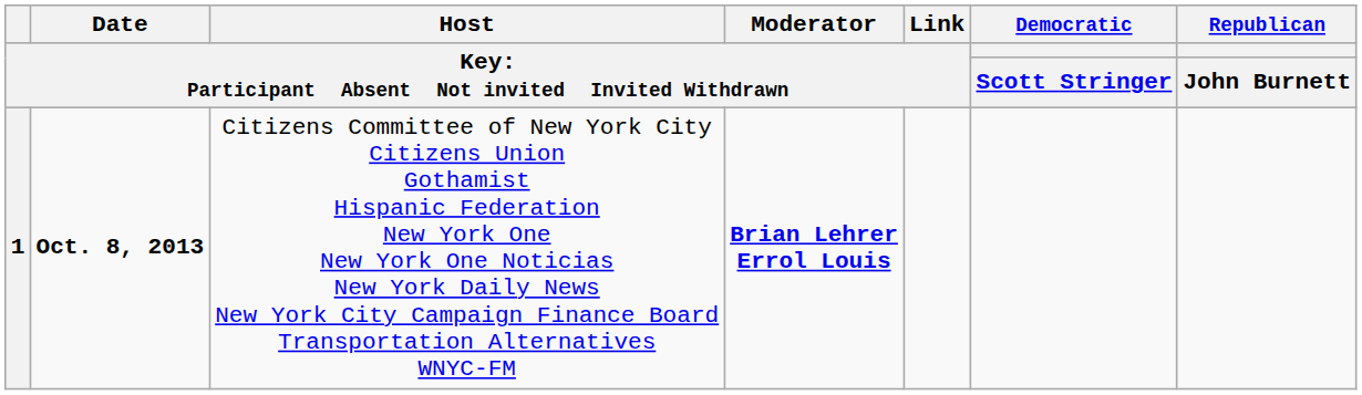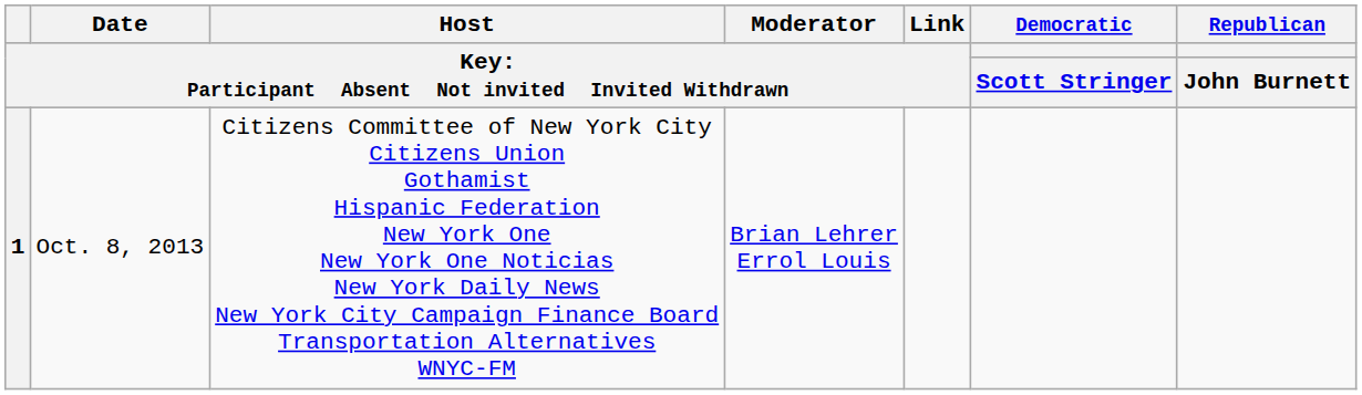 <table class="wikitable" style="text-align:center;">
 <tr>
 <th scope="col"></th>
 <th scope="col">Date</th>
 <th scope="col">Host</th>
 <th scope="col">Moderator</th>
 <th scope="col">Link</th>
 <th scope="col"><small><a href='#'>Democratic</a></small></th>
 <th scope="col"><small><a href='#'>Republican</a></small></th>
 </tr>
 <tr>
 <th colspan="5" rowspan="2">Key:<br> <small>Participant </small>  <small>Absent </small>  <small>Not invited </small>  <small>Invited  Withdrawn</small></th>
 <th scope="col" style="background:"></th>
 <th scope="col" style="background:"></th>
 </tr>
 <tr>
 <th scope="col"><a href='#'>Scott Stringer</a></th>
 <th scope="col">John Burnett</th>
 </tr>
 <tr>
 <th>1</th>
-<td style="white-space:nowrap;"><strong>Oct. 8, 2013</strong></td>
+<td style="white-space:nowrap;">Oct. 8, 2013</td>
 <td style="white-space:nowrap;">Citizens Committee of New York City<br><a href='#'>Citizens Union</a><br><a href='#'>Gothamist</a><br><a href='#'>Hispanic Federation</a><br><a href='#'>New York One</a><br><a href='#'>New York One Noticias</a><br><a href='#'>New York Daily News</a><br><a href='#'>New York City Campaign Finance Board</a><br><a href='#'>Transportation Alternatives</a><br><a href='#'>WNYC-FM</a></td>
-<td style="white-space:nowrap;"><strong><a href='#'>Brian Lehrer</a><br><a href='#'>Errol Louis</a></strong></td>
+<td style="white-space:nowrap;"><a href='#'>Brian Lehrer</a><br><a href='#'>Errol Louis</a></td>
 <td style="white-space:nowrap;"></td>
 <td></td>
 <td></td>
 </tr>
 </table>
